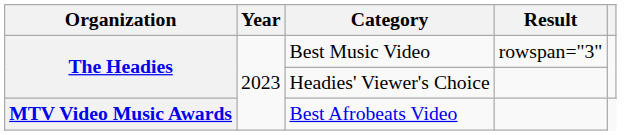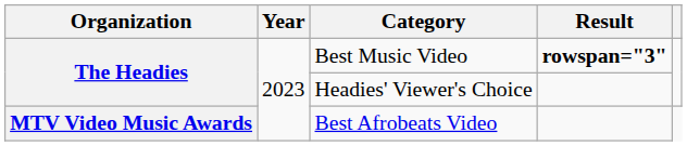 <table class="wikitable sortable plainrowheaders" style="border:none; margin:0;">
 <tr>
 <th scope="col">Organization</th>
 <th scope="col">Year</th>
 <th scope="col">Category</th>
 <th scope="col">Result</th>
 <th class="unsortable" scope="col"></th>
 </tr>
 <tr>
 <th scope="row" rowspan="2"><a href='#'>The Headies</a></th>
 <td rowspan="3">2023</td>
 <td>Best Music Video</td>
-<td>rowspan="3" </td>
+<td><strong>rowspan="3" </strong></td>
 <td rowspan="2"></td>
 </tr>
 <tr>
 <td>Headies' Viewer's Choice</td>
 </tr>
 <tr>
 <th scope="row"><a href='#'>MTV Video Music Awards</a></th>
 <td><a href='#'>Best Afrobeats Video</a></td>
 <td></td>
 </tr>
 </table>
